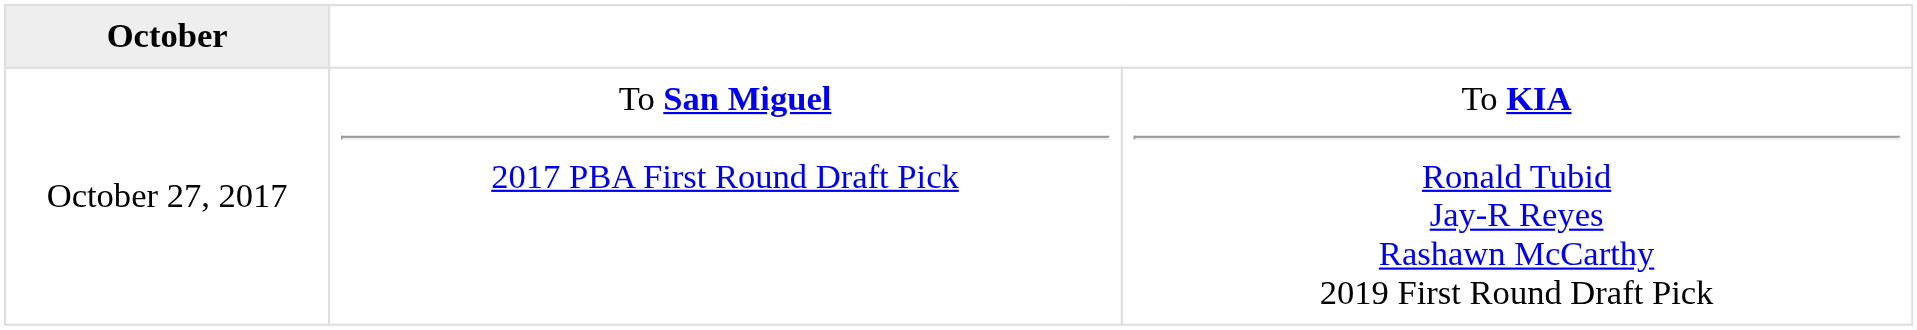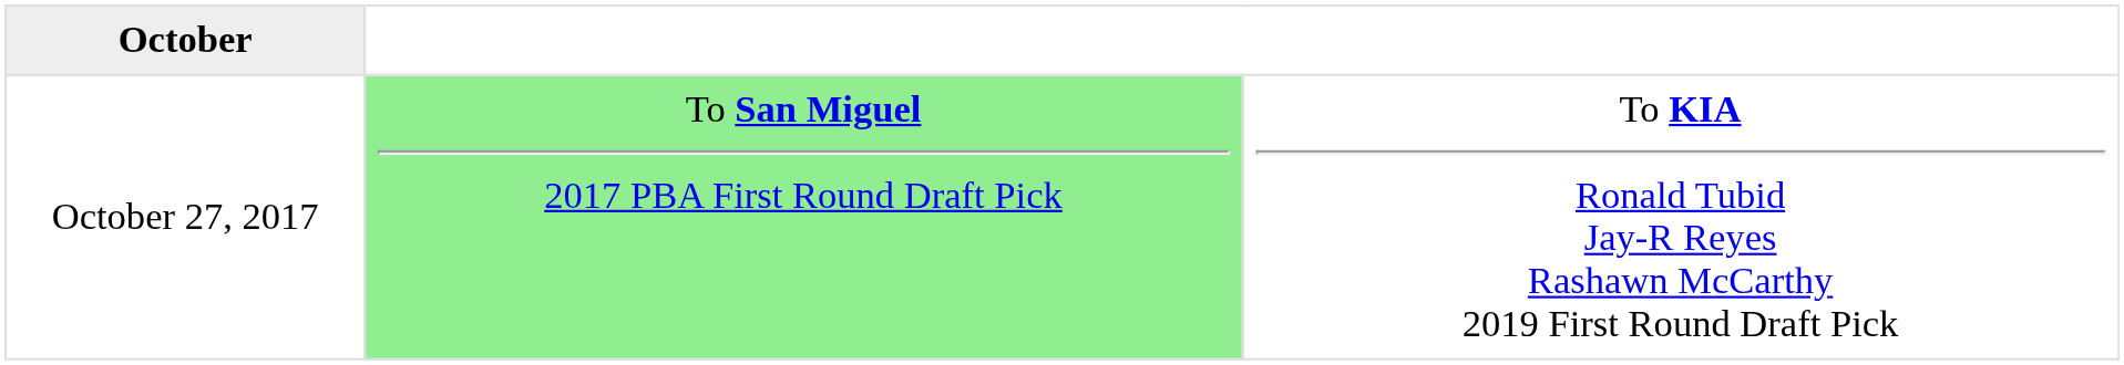 <table border=1 style="border-collapse:collapse; text-align: center; width: 100%" bordercolor="#DFDFDF"  cellpadding="5">
 <tr bgcolor="eeeeee">
 <th>October</th>
 </tr>
 <tr>
 <td style="width:12%">October 27, 2017</td>
-<td style="width:29.3%" valign="top">To <strong><a href='#'>San Miguel</a></strong><hr><a href='#'>2017 PBA First Round Draft Pick</a></td>
+<td style="background: lightgreen; width:29.3%" valign="top">To <strong><a href='#'>San Miguel</a></strong><hr><a href='#'>2017 PBA First Round Draft Pick</a></td>
 <td style="width:29.3%" valign="top">To <strong><a href='#'>KIA</a></strong><hr><a href='#'>Ronald Tubid</a><br><a href='#'>Jay-R Reyes</a><br><a href='#'>Rashawn McCarthy</a><br> 2019 First Round Draft Pick</td>
 </tr>
 </table>
